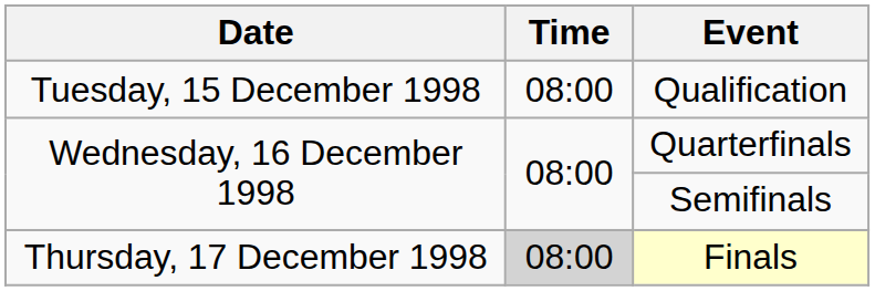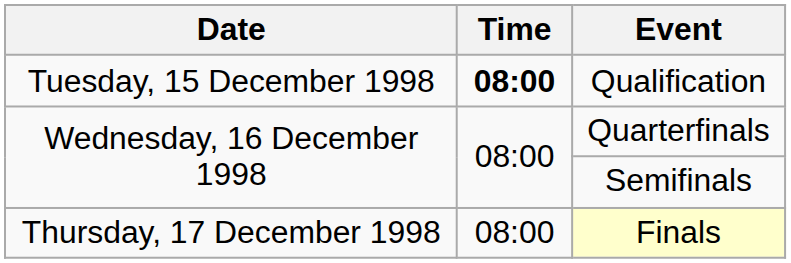 <table class = "wikitable" style="text-align:center;">
 <tr>
 <th width=220>Date</th>
 <th width=50>Time</th>
 <th width=100>Event</th>
 </tr>
 <tr>
 <td>Tuesday, 15 December 1998</td>
-<td>08:00</td>
+<td><strong>08:00</strong></td>
 <td>Qualification</td>
 </tr>
 <tr>
 <td rowspan=2>Wednesday, 16 December 1998</td>
 <td rowspan=2>08:00</td>
 <td>Quarterfinals</td>
 </tr>
 <tr>
 <td>Semifinals</td>
 </tr>
 <tr>
 <td>Thursday, 17 December 1998</td>
-<td style="background: lightgrey;">08:00</td>
+<td>08:00</td>
 <td bgcolor=ffffcc>Finals</td>
 </tr>
 </table>
